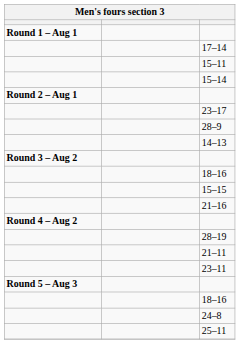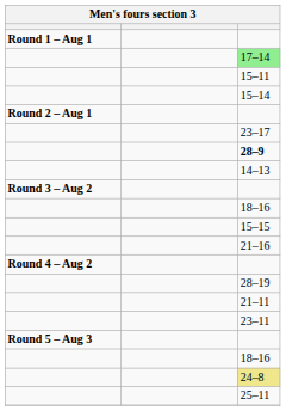 <table class="wikitable">
 <tr>
 <th colspan="3">Men's fours section 3</th>
 </tr>
 <tr>
 <th width=150></th>
 <th width=150></th>
 <th width=50></th>
 </tr>
 <tr>
 <td><strong>Round 1 – Aug 1</strong></td>
 <td></td>
 <td></td>
 </tr>
 <tr>
 <td></td>
 <td></td>
-<td>17–14</td>
+<td style="background: lightgreen;">17–14</td>
 </tr>
 <tr>
 <td></td>
 <td></td>
 <td>15–11</td>
 </tr>
 <tr>
 <td></td>
 <td></td>
 <td>15–14</td>
 </tr>
 <tr>
 <td><strong>Round 2 – Aug 1</strong></td>
 <td></td>
 <td></td>
 </tr>
 <tr>
 <td></td>
 <td></td>
 <td>23–17</td>
 </tr>
 <tr>
 <td></td>
 <td></td>
-<td>28–9</td>
+<td><strong>28–9</strong></td>
 </tr>
 <tr>
 <td></td>
 <td></td>
 <td>14–13</td>
 </tr>
 <tr>
 <td><strong>Round 3 – Aug 2</strong></td>
 <td></td>
 <td></td>
 </tr>
 <tr>
 <td></td>
 <td></td>
 <td>18–16</td>
 </tr>
 <tr>
 <td></td>
 <td></td>
 <td>15–15</td>
 </tr>
 <tr>
 <td></td>
 <td></td>
 <td>21–16</td>
 </tr>
 <tr>
 <td><strong>Round 4 – Aug 2</strong></td>
 <td></td>
 <td></td>
 </tr>
 <tr>
 <td></td>
 <td></td>
 <td>28–19</td>
 </tr>
 <tr>
 <td></td>
 <td></td>
 <td>21–11</td>
 </tr>
 <tr>
 <td></td>
 <td></td>
 <td>23–11</td>
 </tr>
 <tr>
 <td><strong>Round 5 – Aug 3</strong></td>
 <td></td>
 <td></td>
 </tr>
 <tr>
 <td></td>
 <td></td>
 <td>18–16</td>
 </tr>
 <tr>
 <td></td>
 <td></td>
-<td>24–8</td>
+<td style="background: khaki;">24–8</td>
 </tr>
 <tr>
 <td></td>
 <td></td>
 <td>25–11</td>
 </tr>
 <tr>
 </tr>
 </table>
